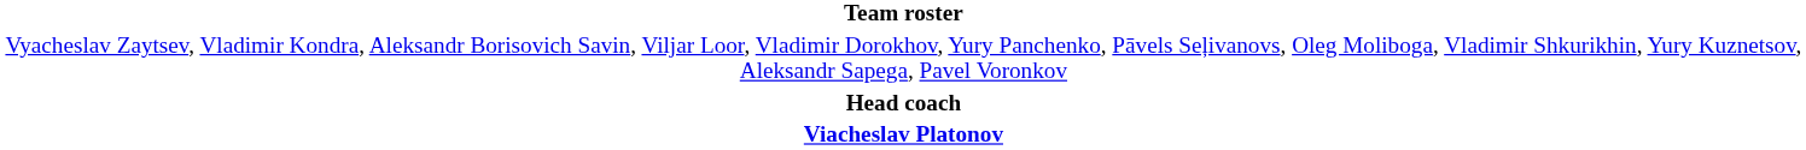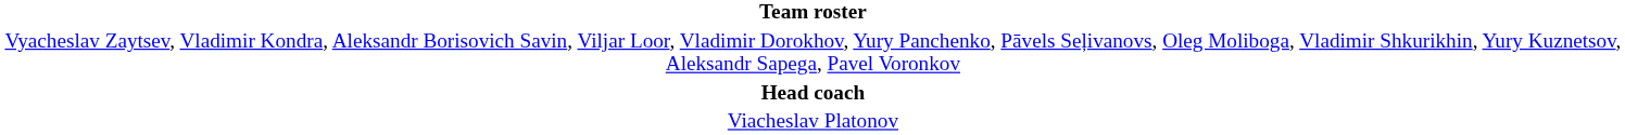 <table style="text-align:center; margin-top:2em; margin-left:auto; margin-right:auto">
 <tr>
 <td><strong>Team roster</strong></td>
 </tr>
 <tr>
 <td><a href='#'>Vyacheslav Zaytsev</a>, <a href='#'>Vladimir Kondra</a>, <a href='#'>Aleksandr Borisovich Savin</a>, <a href='#'>Viljar Loor</a>, <a href='#'>Vladimir Dorokhov</a>, <a href='#'>Yury Panchenko</a>, <a href='#'>Pāvels Seļivanovs</a>, <a href='#'>Oleg Moliboga</a>, <a href='#'>Vladimir Shkurikhin</a>, <a href='#'>Yury Kuznetsov</a>, <a href='#'>Aleksandr Sapega</a>, <a href='#'>Pavel Voronkov</a></td>
 </tr>
 <tr>
 <td><strong>Head coach</strong></td>
 </tr>
 <tr>
-<td><strong><a href='#'>Viacheslav Platonov</a></strong></td>
+<td><a href='#'>Viacheslav Platonov</a></td>
 </tr>
 <tr>
 </tr>
 </table>
